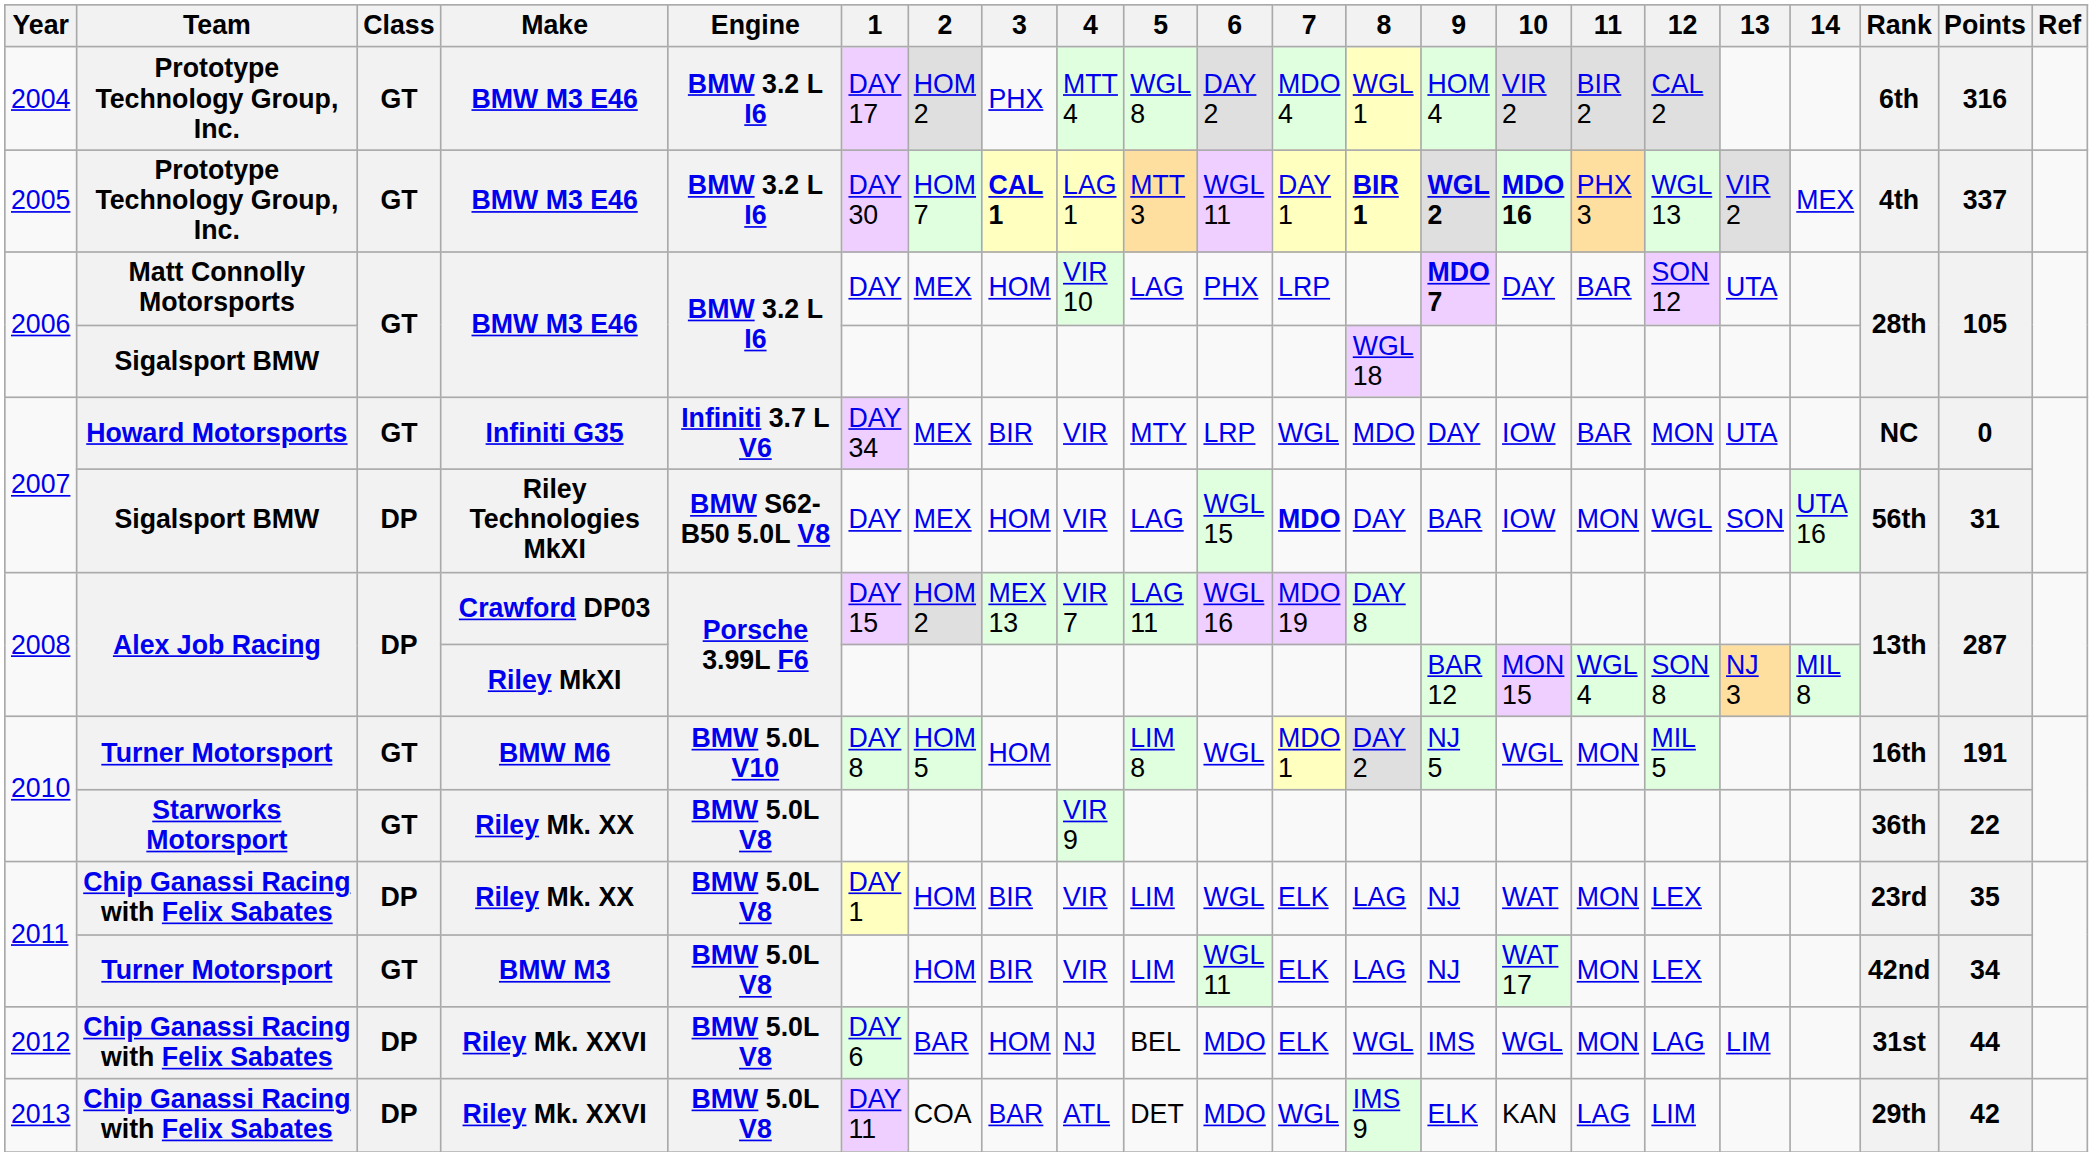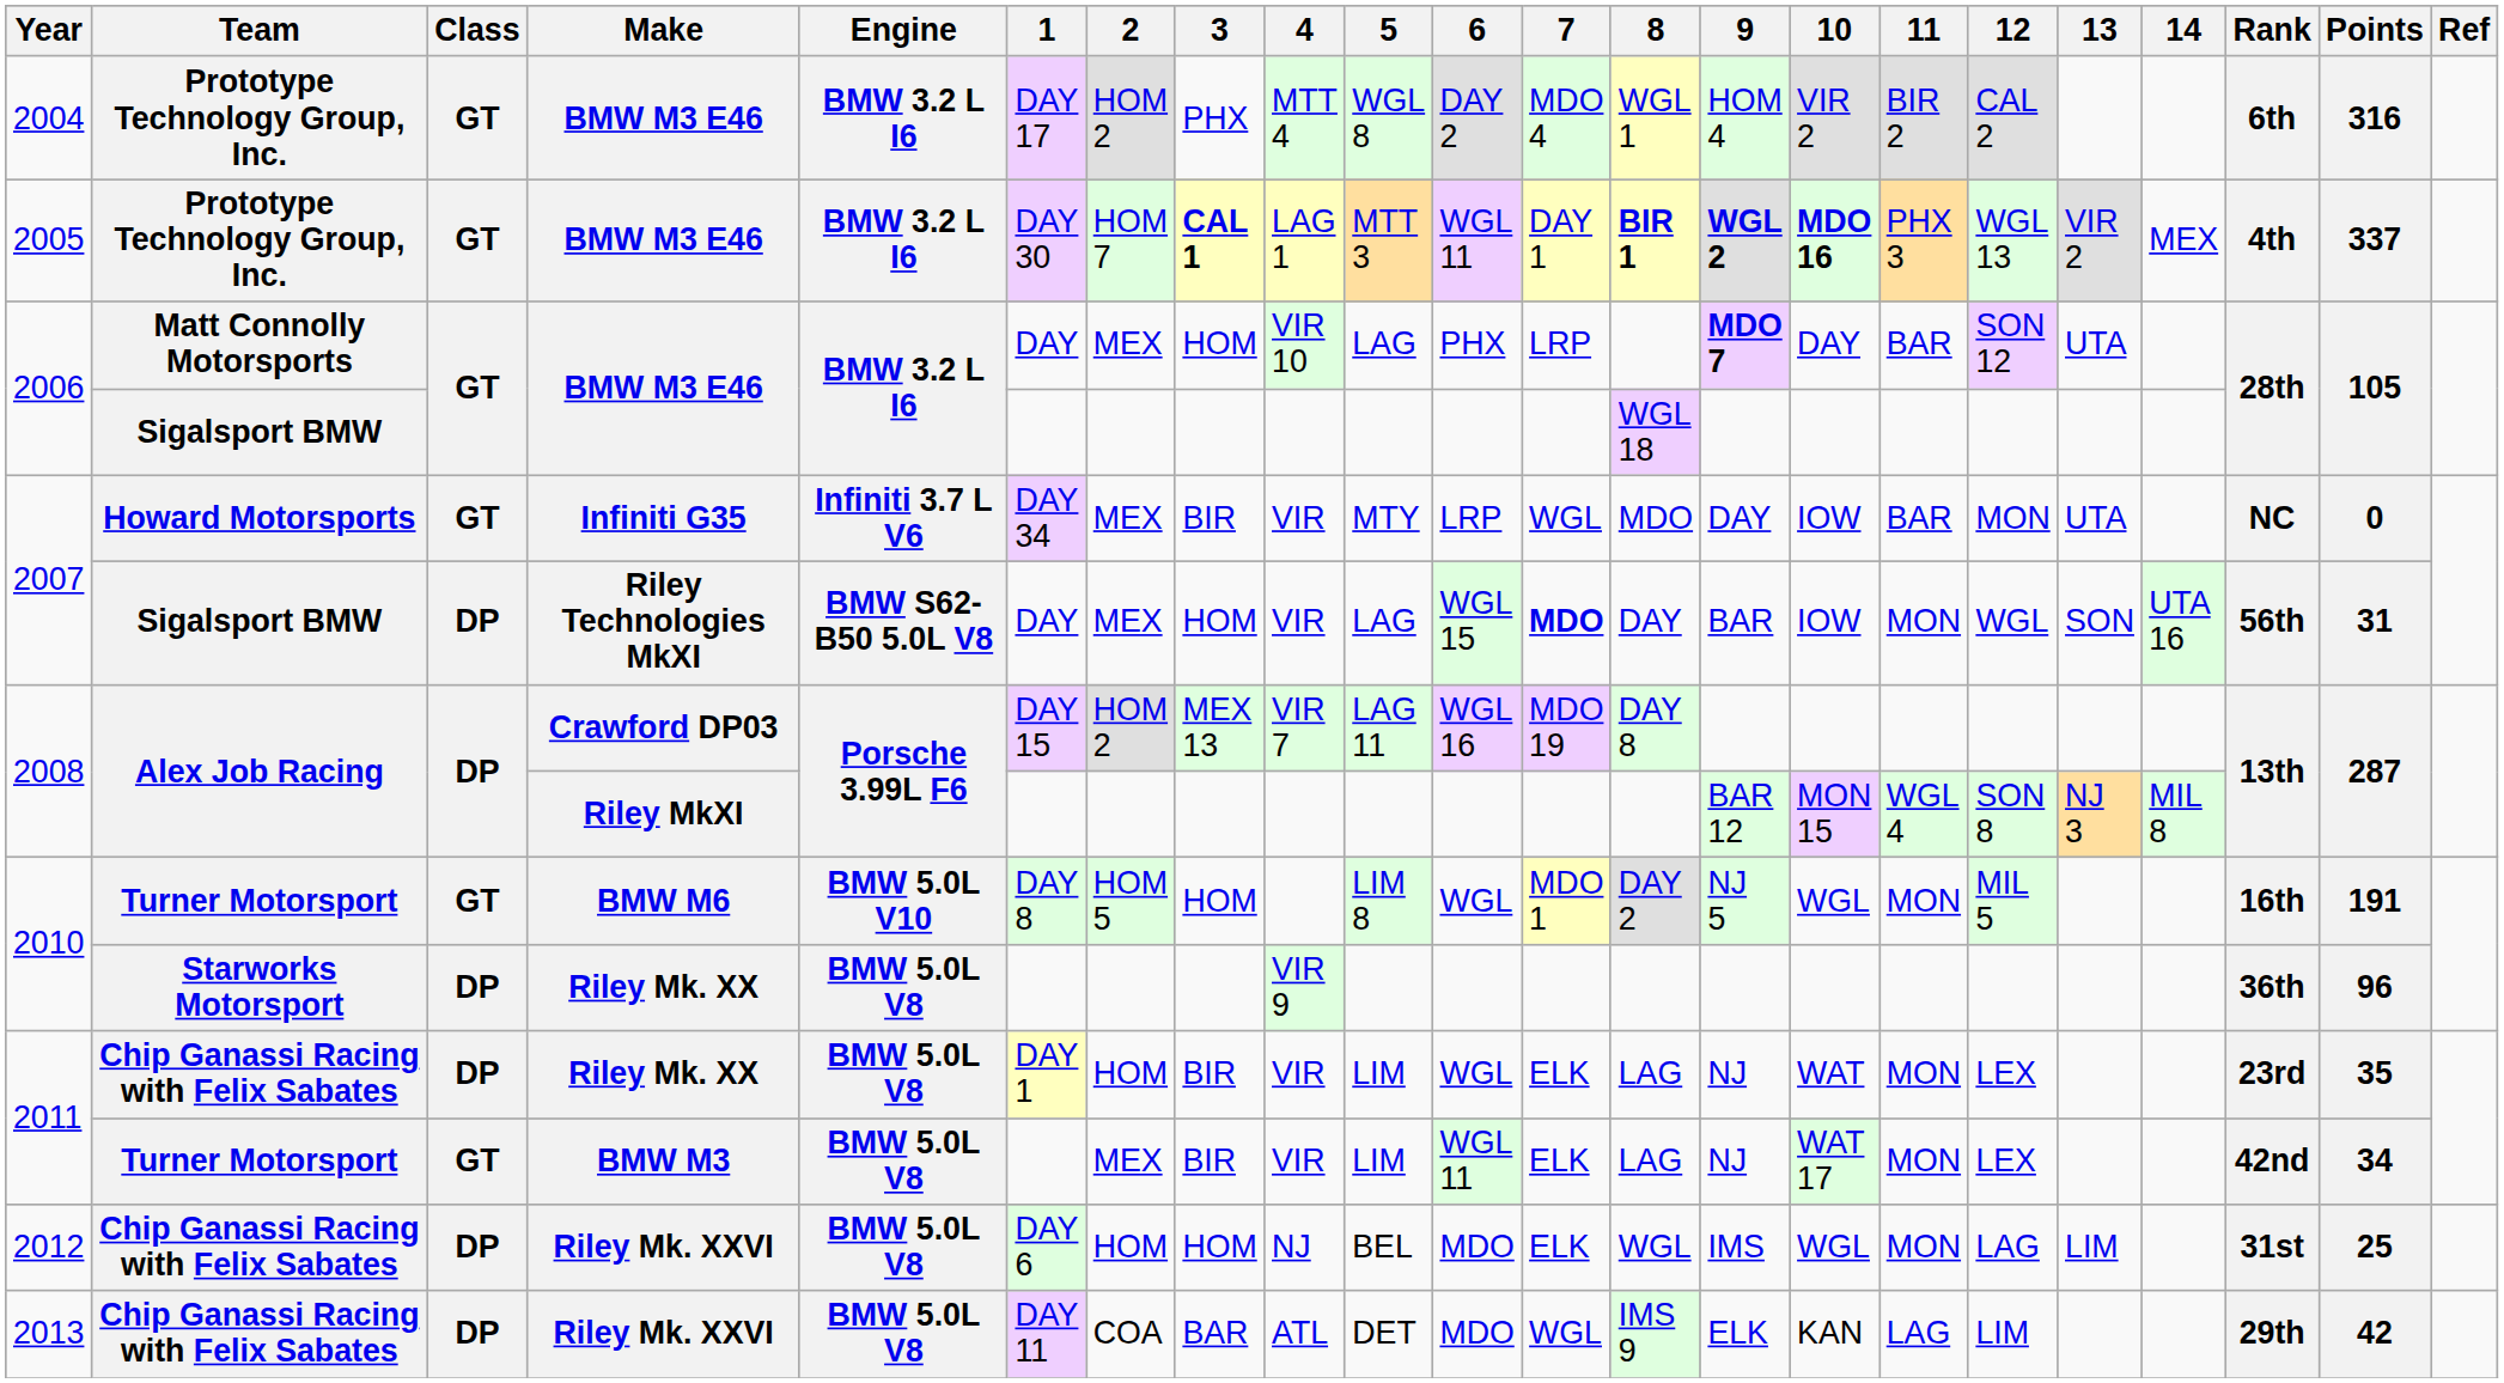 <table class="wikitable">
 <tr>
 <th>Year</th>
 <th>Team</th>
 <th>Class</th>
 <th>Make</th>
 <th>Engine</th>
 <th>1</th>
 <th>2</th>
 <th>3</th>
 <th>4</th>
 <th>5</th>
 <th>6</th>
 <th>7</th>
 <th>8</th>
 <th>9</th>
 <th>10</th>
 <th>11</th>
 <th>12</th>
 <th>13</th>
 <th>14</th>
 <th>Rank</th>
 <th>Points</th>
 <th>Ref</th>
 </tr>
 <tr>
 <td><a href='#'>2004</a></td>
 <th>Prototype Technology Group, Inc.</th>
 <th>GT</th>
 <th><a href='#'>BMW M3 E46</a></th>
 <th><a href='#'>BMW</a> 3.2 L <a href='#'>I6</a></th>
 <td style="background:#EFCFFF;"><a href='#'>DAY</a><br>17</td>
 <td style="background:#DFDFDF;”"><a href='#'>HOM</a><br>2</td>
 <td><a href='#'>PHX</a><br></td>
 <td style="background:#DFFFDF;"><a href='#'>MTT</a><br>4</td>
 <td style="background:#DFFFDF;"><a href='#'>WGL</a><br>8</td>
 <td style="background:#DFDFDF;”"><a href='#'>DAY</a><br>2</td>
 <td style="background:#DFFFDF;"><a href='#'>MDO</a><br>4</td>
 <td style="background:#FFFFBF;”"><a href='#'>WGL</a><br>1</td>
 <td style="background:#DFFFDF;"><a href='#'>HOM</a><br>4</td>
 <td style="background:#DFDFDF;”"><a href='#'>VIR</a><br>2</td>
 <td style="background:#DFDFDF;”"><a href='#'>BIR</a><br>2</td>
 <td style="background:#DFDFDF;”"><a href='#'>CAL</a><br>2</td>
 <td></td>
 <td></td>
 <th>6th</th>
 <th>316</th>
 <td></td>
 </tr>
 <tr>
 <td><a href='#'>2005</a></td>
 <th>Prototype Technology Group, Inc.</th>
 <th>GT</th>
 <th><a href='#'>BMW M3 E46</a></th>
 <th><a href='#'>BMW</a> 3.2 L <a href='#'>I6</a></th>
 <td style="background:#EFCFFF;"><a href='#'>DAY</a><br>30</td>
 <td style="background:#DFFFDF;"><a href='#'>HOM</a><br>7</td>
 <td style="background:#FFFFBF;”"><strong><a href='#'>CAL</a><br>1</strong></td>
 <td style="background:#FFFFBF;”"><a href='#'>LAG</a><br>1</td>
 <td style="background:#FFDF9F;”"><a href='#'>MTT</a><br>3</td>
 <td style="background:#EFCFFF;"><a href='#'>WGL</a><br>11</td>
 <td style="background:#FFFFBF;”"><a href='#'>DAY</a><br>1</td>
 <td style="background:#FFFFBF;”"><strong><a href='#'>BIR</a><br>1</strong></td>
 <td style="background:#DFDFDF;”"><strong><a href='#'>WGL</a><br>2</strong></td>
 <td style="background:#DFFFDF;"><strong><a href='#'>MDO</a><br>16</strong></td>
 <td style="background:#FFDF9F;”"><a href='#'>PHX</a><br>3</td>
 <td style="background:#DFFFDF;"><a href='#'>WGL</a><br>13</td>
 <td style="background:#DFDFDF;”"><a href='#'>VIR</a><br>2</td>
 <td><a href='#'>MEX</a></td>
 <th>4th</th>
 <th>337</th>
 <td></td>
 </tr>
 <tr>
 <td rowspan="2"><a href='#'>2006</a></td>
 <th>Matt Connolly Motorsports</th>
 <th rowspan="2">GT</th>
 <th rowspan="2"><a href='#'>BMW M3 E46</a></th>
 <th rowspan="2"><a href='#'>BMW</a> 3.2 L <a href='#'>I6</a></th>
 <td><a href='#'>DAY</a><br></td>
 <td><a href='#'>MEX</a><br></td>
 <td><a href='#'>HOM</a><br></td>
 <td style="background:#DFFFDF;"><a href='#'>VIR</a><br>10</td>
 <td><a href='#'>LAG</a><br></td>
 <td><a href='#'>PHX</a><br></td>
 <td><a href='#'>LRP</a><br></td>
 <td></td>
 <td style="background:#EFCFFF;"><strong><a href='#'>MDO</a><br>7</strong></td>
 <td><a href='#'>DAY</a><br></td>
 <td><a href='#'>BAR</a><br></td>
 <td style="background:#EFCFFF;"><a href='#'>SON</a><br>12</td>
 <td><a href='#'>UTA</a><br></td>
 <td></td>
 <th rowspan="2">28th</th>
 <th rowspan="2">105</th>
 <td rowspan="2"></td>
 </tr>
 <tr>
 <th>Sigalsport BMW</th>
 <td></td>
 <td></td>
 <td></td>
 <td></td>
 <td></td>
 <td></td>
 <td></td>
 <td style="background:#EFCFFF;"><a href='#'>WGL</a><br>18</td>
 <td></td>
 <td></td>
 <td></td>
 <td></td>
 <td></td>
 <td></td>
 </tr>
 <tr>
 <td rowspan="2"><a href='#'>2007</a></td>
 <th><a href='#'>Howard Motorsports</a></th>
 <th>GT</th>
 <th><a href='#'>Infiniti G35</a></th>
 <th><a href='#'>Infiniti</a> 3.7 L <a href='#'>V6</a></th>
 <td style="background:#EFCFFF;"><a href='#'>DAY</a><br>34</td>
 <td><a href='#'>MEX</a><br></td>
 <td><a href='#'>BIR</a></td>
 <td><a href='#'>VIR</a><br></td>
 <td><a href='#'>MTY</a><br></td>
 <td><a href='#'>LRP</a><br></td>
 <td><a href='#'>WGL</a><br></td>
 <td><a href='#'>MDO</a><br></td>
 <td><a href='#'>DAY</a><br></td>
 <td><a href='#'>IOW</a><br></td>
 <td><a href='#'>BAR</a><br></td>
 <td><a href='#'>MON</a><br></td>
 <td><a href='#'>UTA</a><br></td>
 <td></td>
 <th>NC</th>
 <th>0</th>
 <td rowspan="2"></td>
 </tr>
 <tr>
 <th>Sigalsport BMW</th>
 <th>DP</th>
 <th>Riley Technologies MkXI</th>
 <th><a href='#'>BMW</a> S62-B50 5.0L <a href='#'>V8</a></th>
 <td><a href='#'>DAY</a><br></td>
 <td><a href='#'>MEX</a><br></td>
 <td><a href='#'>HOM</a><br></td>
 <td><a href='#'>VIR</a><br></td>
 <td><a href='#'>LAG</a><br></td>
 <td style="background:#DFFFDF;"><a href='#'>WGL</a><br>15</td>
 <td><strong><a href='#'>MDO</a><br></strong></td>
 <td><a href='#'>DAY</a><br></td>
 <td><a href='#'>BAR</a><br></td>
 <td><a href='#'>IOW</a><br></td>
 <td><a href='#'>MON</a><br></td>
 <td><a href='#'>WGL</a><br></td>
 <td><a href='#'>SON</a><br></td>
 <td style="background:#DFFFDF;"><a href='#'>UTA</a><br>16</td>
 <th>56th</th>
 <th>31</th>
 </tr>
 <tr>
 <td rowspan="2"><a href='#'>2008</a></td>
 <th rowspan="2"><a href='#'>Alex Job Racing</a></th>
 <th rowspan="2">DP</th>
 <th><a href='#'>Crawford</a> DP03</th>
 <th rowspan="2"><a href='#'>Porsche</a> 3.99L <a href='#'>F6</a></th>
 <td style="background:#EFCFFF;"><a href='#'>DAY</a><br>15</td>
 <td style="background:#DFDFDF;”"><a href='#'>HOM</a><br>2</td>
 <td style="background:#DFFFDF;"><a href='#'>MEX</a><br>13</td>
 <td style="background:#DFFFDF;"><a href='#'>VIR</a><br>7</td>
 <td style="background:#DFFFDF;"><a href='#'>LAG</a><br>11</td>
 <td style="background:#EFCFFF;"><a href='#'>WGL</a><br>16</td>
 <td style="background:#EFCFFF;"><a href='#'>MDO</a><br>19</td>
 <td style="background:#DFFFDF;"><a href='#'>DAY</a><br>8</td>
 <td></td>
 <td></td>
 <td></td>
 <td></td>
 <td></td>
 <td></td>
 <th rowspan="2">13th</th>
 <th rowspan="2">287</th>
 <td rowspan="2"></td>
 </tr>
 <tr>
 <th><a href='#'>Riley</a> MkXI</th>
 <td></td>
 <td></td>
 <td></td>
 <td></td>
 <td></td>
 <td></td>
 <td></td>
 <td></td>
 <td style="background:#DFFFDF;"><a href='#'>BAR</a><br>12</td>
 <td style="background:#EFCFFF;"><a href='#'>MON</a><br>15</td>
 <td style="background:#DFFFDF;"><a href='#'>WGL</a><br>4</td>
 <td style="background:#DFFFDF;"><a href='#'>SON</a><br>8</td>
 <td style="background:#FFDF9F;”"><a href='#'>NJ</a><br>3</td>
 <td style="background:#DFFFDF;"><a href='#'>MIL</a><br>8</td>
 </tr>
 <tr>
 <td rowspan="2"><a href='#'>2010</a></td>
 <th><a href='#'>Turner Motorsport</a></th>
 <th>GT</th>
 <th><a href='#'>BMW M6</a></th>
 <th><a href='#'>BMW</a> 5.0L <a href='#'>V10</a></th>
 <td style="background:#DFFFDF;"><a href='#'>DAY</a><br>8</td>
 <td style="background:#DFFFDF;"><a href='#'>HOM</a><br>5</td>
 <td><a href='#'>HOM</a><br></td>
 <td></td>
 <td style="background:#DFFFDF;"><a href='#'>LIM</a><br>8</td>
 <td><a href='#'>WGL</a></td>
 <td style="background:#FFFFBF;”"><a href='#'>MDO</a><br>1</td>
 <td style="background:#DFDFDF;”"><a href='#'>DAY</a><br>2</td>
 <td style="background:#DFFFDF;"><a href='#'>NJ</a><br>5</td>
 <td><a href='#'>WGL</a><br></td>
 <td><a href='#'>MON</a><br></td>
 <td style="background:#DFFFDF;"><a href='#'>MIL</a><br>5</td>
 <td></td>
 <td></td>
 <th>16th</th>
 <th>191</th>
 <td rowspan="2"></td>
 </tr>
 <tr>
 <th><a href='#'>Starworks Motorsport</a></th>
-<th>GT</th>
+<th>DP</th>
 <th><a href='#'>Riley</a> Mk. XX</th>
 <th><a href='#'>BMW</a> 5.0L <a href='#'>V8</a></th>
 <td></td>
 <td></td>
 <td></td>
 <td style="background:#DFFFDF;"><a href='#'>VIR</a><br>9</td>
 <td></td>
 <td></td>
 <td></td>
 <td></td>
 <td></td>
 <td></td>
 <td></td>
 <td></td>
 <td></td>
 <td></td>
 <th>36th</th>
-<th>22</th>
+<th>96</th>
 </tr>
 <tr>
 <td rowspan="2"><a href='#'>2011</a></td>
 <th><a href='#'>Chip Ganassi Racing</a> with <a href='#'>Felix Sabates</a></th>
 <th>DP</th>
 <th><a href='#'>Riley</a> Mk. XX</th>
 <th><a href='#'>BMW</a> 5.0L <a href='#'>V8</a></th>
 <td style="background:#FFFFBF;”"><a href='#'>DAY</a><br>1</td>
 <td><a href='#'>HOM</a><br></td>
 <td><a href='#'>BIR</a><br></td>
 <td><a href='#'>VIR</a><br></td>
 <td><a href='#'>LIM</a><br></td>
 <td><a href='#'>WGL</a><br></td>
 <td><a href='#'>ELK</a><br></td>
 <td><a href='#'>LAG</a><br></td>
 <td><a href='#'>NJ</a><br></td>
 <td><a href='#'>WAT</a><br></td>
 <td><a href='#'>MON</a><br></td>
 <td><a href='#'>LEX</a><br></td>
 <td></td>
 <td></td>
 <th>23rd</th>
 <th>35</th>
 <td rowspan="2"></td>
 </tr>
 <tr>
 <th><a href='#'>Turner Motorsport</a></th>
 <th>GT</th>
 <th><a href='#'>BMW M3</a></th>
 <th><a href='#'>BMW</a> 5.0L <a href='#'>V8</a></th>
 <td></td>
-<td><a href='#'>HOM</a></td>
+<td><a href='#'>MEX</a><br></td>
 <td><a href='#'>BIR</a></td>
 <td><a href='#'>VIR</a></td>
 <td><a href='#'>LIM</a></td>
 <td style="background:#DFFFDF;"><a href='#'>WGL</a><br>11</td>
 <td><a href='#'>ELK</a></td>
 <td><a href='#'>LAG</a></td>
 <td><a href='#'>NJ</a></td>
 <td style="background:#DFFFDF;"><a href='#'>WAT</a><br>17</td>
 <td><a href='#'>MON</a></td>
 <td><a href='#'>LEX</a></td>
 <td></td>
 <td></td>
 <th>42nd</th>
 <th>34</th>
 </tr>
 <tr>
 <td><a href='#'>2012</a></td>
 <th><a href='#'>Chip Ganassi Racing</a> with <a href='#'>Felix Sabates</a></th>
 <th>DP</th>
 <th><a href='#'>Riley</a> Mk. XXVI</th>
 <th><a href='#'>BMW</a> 5.0L <a href='#'>V8</a></th>
 <td style="background:#DFFFDF;"><a href='#'>DAY</a><br>6</td>
-<td><a href='#'>BAR</a><br></td>
+<td><a href='#'>HOM</a></td>
 <td><a href='#'>HOM</a><br></td>
 <td><a href='#'>NJ</a><br></td>
 <td>BEL<br></td>
 <td><a href='#'>MDO</a><br></td>
 <td><a href='#'>ELK</a><br></td>
 <td><a href='#'>WGL</a><br></td>
 <td><a href='#'>IMS</a><br></td>
 <td><a href='#'>WGL</a><br></td>
 <td><a href='#'>MON</a><br></td>
 <td><a href='#'>LAG</a><br></td>
 <td><a href='#'>LIM</a><br></td>
 <td></td>
 <th>31st</th>
-<th>44</th>
+<th>25</th>
 <td></td>
 </tr>
 <tr>
 <td><a href='#'>2013</a></td>
 <th><a href='#'>Chip Ganassi Racing</a> with <a href='#'>Felix Sabates</a></th>
 <th>DP</th>
 <th><a href='#'>Riley</a> Mk. XXVI</th>
 <th><a href='#'>BMW</a> 5.0L <a href='#'>V8</a></th>
 <td style="background:#EFCFFF;"><a href='#'>DAY</a><br>11</td>
 <td>COA<br></td>
 <td><a href='#'>BAR</a><br></td>
 <td><a href='#'>ATL</a><br></td>
 <td>DET<br></td>
 <td><a href='#'>MDO</a><br></td>
 <td><a href='#'>WGL</a><br></td>
 <td style="background:#DFFFDF;"><a href='#'>IMS</a><br>9</td>
 <td><a href='#'>ELK</a><br></td>
 <td>KAN<br></td>
 <td><a href='#'>LAG</a><br></td>
 <td><a href='#'>LIM</a><br></td>
 <td></td>
 <td></td>
 <th>29th</th>
 <th>42</th>
 <td></td>
 </tr>
 </table>
